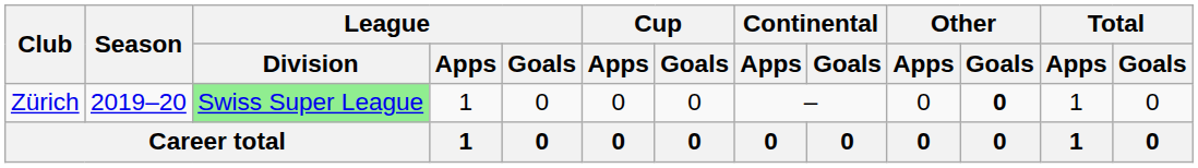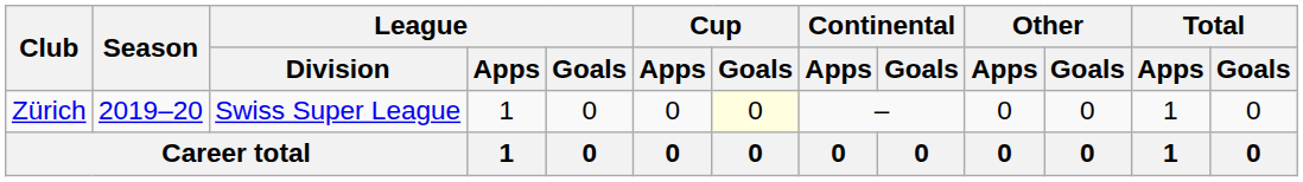 <table class="wikitable" style="text-align: center">
 <tr>
 <th rowspan="2">Club</th>
 <th rowspan="2">Season</th>
 <th colspan="3">League</th>
 <th colspan="2">Cup</th>
 <th colspan="2">Continental</th>
 <th colspan="2">Other</th>
 <th colspan="2">Total</th>
 </tr>
 <tr>
 <th>Division</th>
 <th>Apps</th>
 <th>Goals</th>
 <th>Apps</th>
 <th>Goals</th>
 <th>Apps</th>
 <th>Goals</th>
 <th>Apps</th>
 <th>Goals</th>
 <th>Apps</th>
 <th>Goals</th>
 </tr>
 <tr>
 <td><a href='#'>Zürich</a></td>
 <td><a href='#'>2019–20</a></td>
-<td style="background: lightgreen;"><a href='#'>Swiss Super League</a></td>
+<td><a href='#'>Swiss Super League</a></td>
 <td>1</td>
 <td>0</td>
 <td>0</td>
-<td>0</td>
+<td style="background: lightyellow;">0</td>
 <td colspan="2">–</td>
 <td>0</td>
-<td><strong>0</strong></td>
+<td>0</td>
 <td>1</td>
 <td>0</td>
 </tr>
 <tr>
 <th colspan="3">Career total</th>
 <th>1</th>
 <th>0</th>
 <th>0</th>
 <th>0</th>
 <th>0</th>
 <th>0</th>
 <th>0</th>
 <th>0</th>
 <th>1</th>
 <th>0</th>
 </tr>
 </table>
